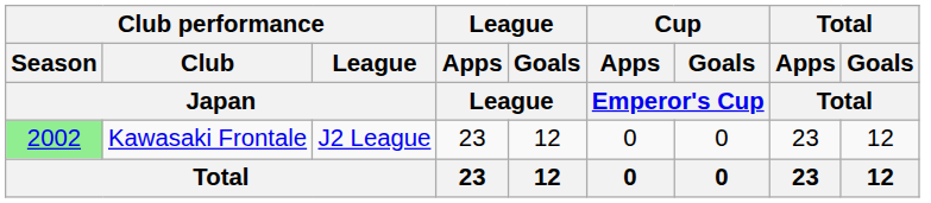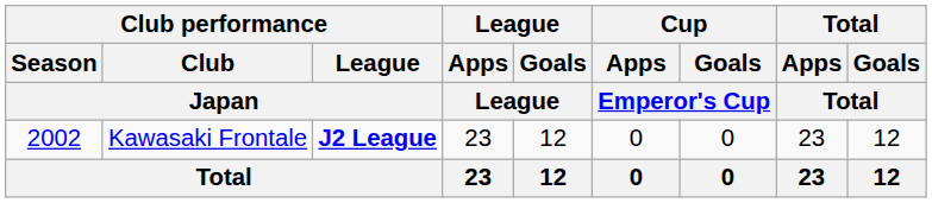 <table class="wikitable" style="text-align:center;">
 <tr>
 <th colspan=3>Club performance</th>
 <th colspan=2>League</th>
 <th colspan=2>Cup</th>
 <th colspan=2>Total</th>
 </tr>
 <tr>
 <th>Season</th>
 <th>Club</th>
 <th>League</th>
 <th>Apps</th>
 <th>Goals</th>
 <th>Apps</th>
 <th>Goals</th>
 <th>Apps</th>
 <th>Goals</th>
 </tr>
 <tr>
 <th colspan=3>Japan</th>
 <th colspan=2>League</th>
 <th colspan=2><a href='#'>Emperor's Cup</a></th>
 <th colspan=2>Total</th>
 </tr>
 <tr>
-<td style="background: lightgreen;"><a href='#'>2002</a></td>
+<td><a href='#'>2002</a></td>
 <td><a href='#'>Kawasaki Frontale</a></td>
-<td><a href='#'>J2 League</a></td>
+<td><strong><a href='#'>J2 League</a></strong></td>
 <td>23</td>
 <td>12</td>
 <td>0</td>
 <td>0</td>
 <td>23</td>
 <td>12</td>
 </tr>
 <tr>
 <th colspan=3>Total</th>
 <th>23</th>
 <th>12</th>
 <th>0</th>
 <th>0</th>
 <th>23</th>
 <th>12</th>
 </tr>
 </table>
